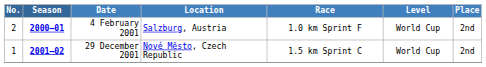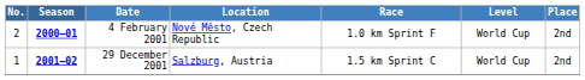 <table class="wikitable sortable" style="font-size:95%; text-align:center; border:grey solid 1px; border-collapse:collapse; background:#ffffff;">
 <tr style="background:#efefef;">
 <th style="background-color:#369; color:white;">No.</th>
 <th style="background-color:#369; color:white;">Season</th>
 <th style="background-color:#4180be; color:white; width:100px;">Date</th>
 <th style="background-color:#4180be; color:white; width:185px;">Location</th>
 <th style="background-color:#4180be; color:white; width:170px;">Race</th>
 <th style="background-color:#4180be; color:white; width:100px;">Level</th>
 <th style="background-color:#4180be; color:white;">Place</th>
 </tr>
 <tr>
 <td align=center>2</td>
 <td rowspan=1 align=center><strong> <a href='#'>2000–01</a> </strong></td>
 <td align=right>4 February 2001</td>
-<td align=left> <a href='#'>Salzburg</a>, Austria</td>
+<td align=left> <a href='#'>Nové Město</a>, Czech Republic</td>
 <td>1.0 km Sprint F</td>
 <td>World Cup</td>
 <td>2nd</td>
 </tr>
 <tr>
 <td align=center>1</td>
 <td rowspan=1 align=center><strong> <a href='#'>2001–02</a> </strong></td>
 <td align=right>29 December 2001</td>
-<td align=left> <a href='#'>Nové Město</a>, Czech Republic</td>
+<td align=left> <a href='#'>Salzburg</a>, Austria</td>
 <td>1.5 km Sprint C</td>
 <td>World Cup</td>
 <td>2nd</td>
 </tr>
 <tr>
 </tr>
 </table>
